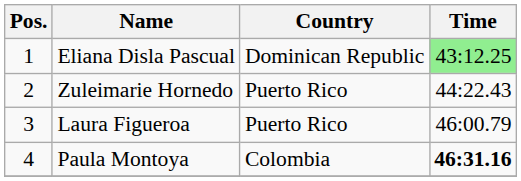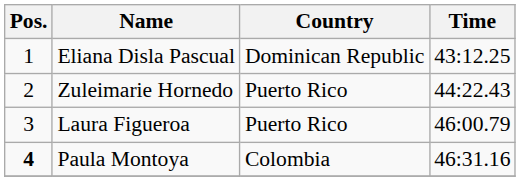 <table class="wikitable sortable">
 <tr>
 <th>Pos.</th>
 <th>Name</th>
 <th>Country</th>
 <th>Time</th>
 </tr>
 <tr>
 <td align="center">1</td>
 <td>Eliana Disla Pascual</td>
 <td>Dominican Republic</td>
-<td align="right" style="background: lightgreen;">43:12.25</td>
+<td align="right">43:12.25</td>
 </tr>
 <tr>
 <td align="center">2</td>
 <td>Zuleimarie Hornedo</td>
 <td>Puerto Rico</td>
 <td align="right">44:22.43</td>
 </tr>
 <tr>
 <td align="center">3</td>
 <td>Laura Figueroa</td>
 <td>Puerto Rico</td>
 <td align="right">46:00.79</td>
 </tr>
 <tr>
-<td align="center">4</td>
+<td align="center"><strong>4</strong></td>
 <td>Paula Montoya</td>
 <td>Colombia</td>
-<td align="right"><strong>46:31.16</strong></td>
+<td align="right">46:31.16</td>
 </tr>
 <tr>
 </tr>
 </table>
